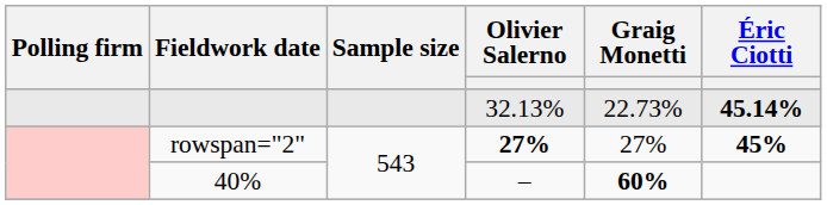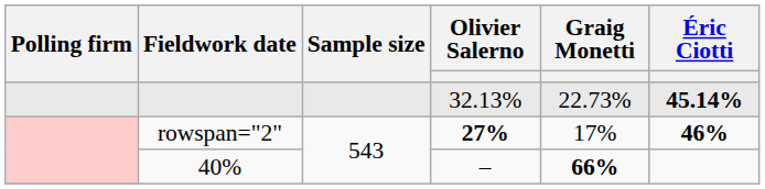 <table class="wikitable sortable" style="text-align:center;font-size:90%;line-height:14px">
 <tr style="height:40px;">
 <th rowspan="2">Polling firm</th>
 <th rowspan="2">Fieldwork date</th>
 <th rowspan="2">Sample size</th>
 <th class="unsortable" style="width:60px">Olivier Salerno<br></th>
 <th class="unsortable" style="width:60px">Graig Monetti<br></th>
 <th class="unsortable" style="width:60px"><a href='#'>Éric Ciotti</a><br></th>
 </tr>
 <tr>
 <th style="background:"></th>
 <th style="background:"></th>
 <th style="background:"></th>
 </tr>
 <tr style="background:#E9E9E9">
 <td></td>
 <td></td>
 <td></td>
 <td>32.13%</td>
 <td>22.73%</td>
 <td style="background-color:#"><strong>45.14%</strong></td>
 </tr>
 <tr>
 <td style="background:#FFCCCC" rowspan="2"></td>
 <td>rowspan="2" </td>
 <td rowspan="2">543</td>
 <td><strong>27%</strong></td>
-<td>27%</td>
-<td style="background-color:#"><strong>45%</strong></td>
+<td>17%</td>
+<td style="background-color:#"><strong>46%</strong></td>
 </tr>
 <tr>
 <td>40%</td>
 <td>–</td>
-<td style="background-color:#"><strong>60%</strong></td>
+<td style="background-color:#"><strong>66%</strong></td>
 </tr>
 </table>
